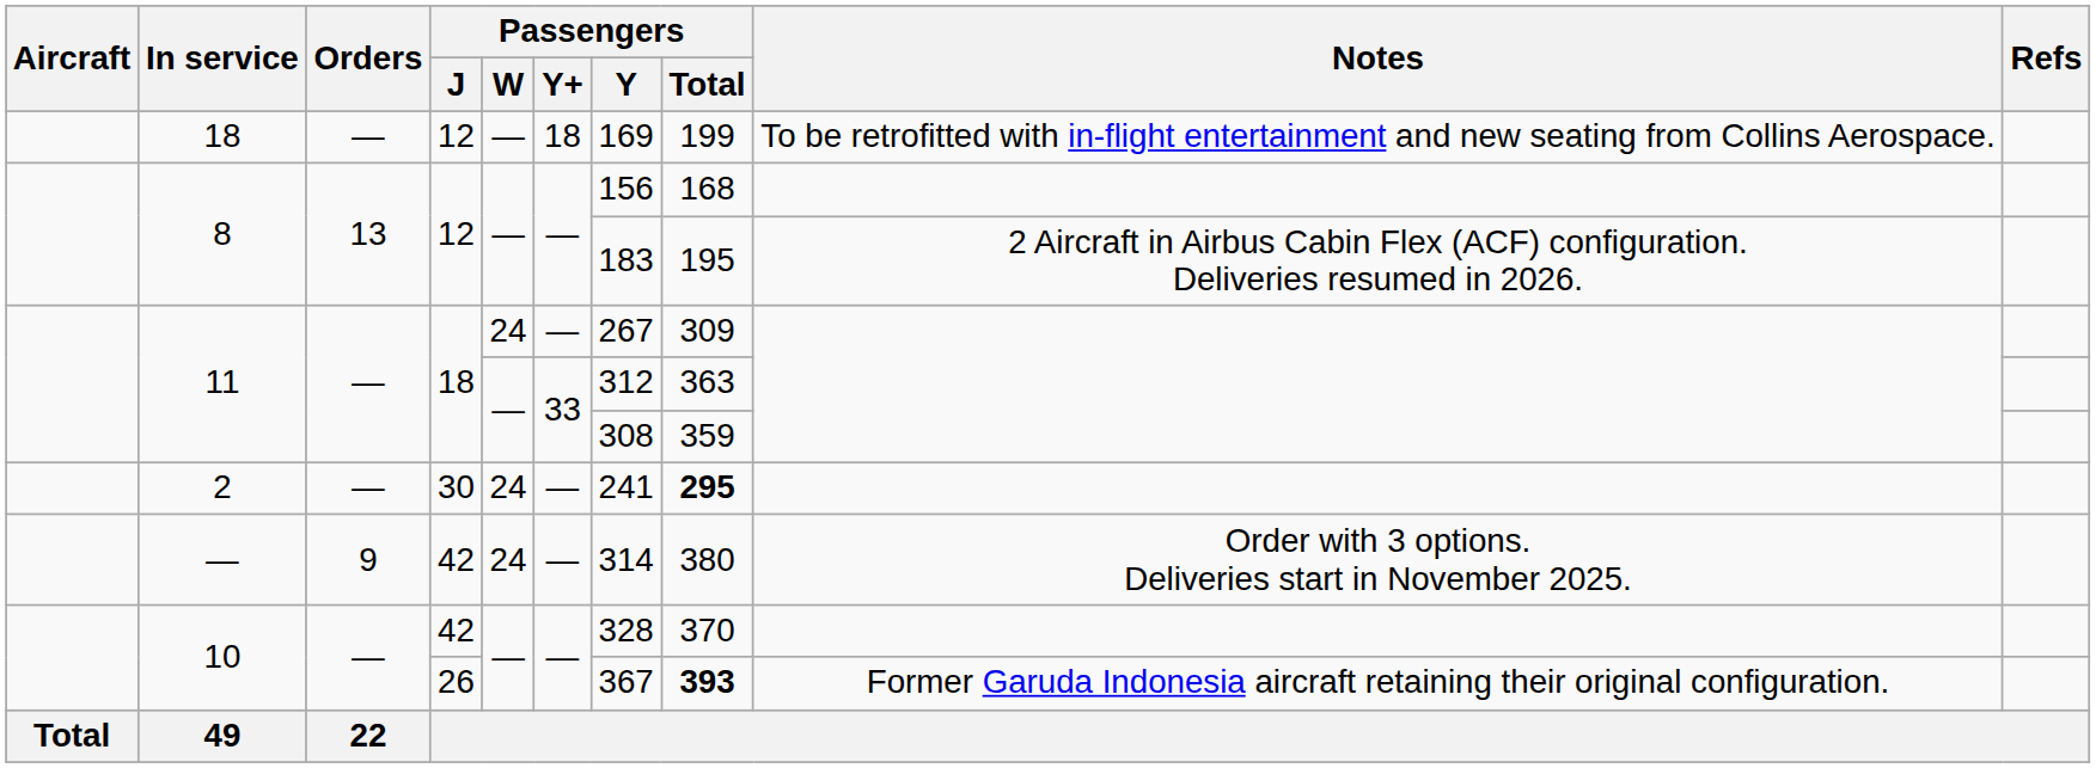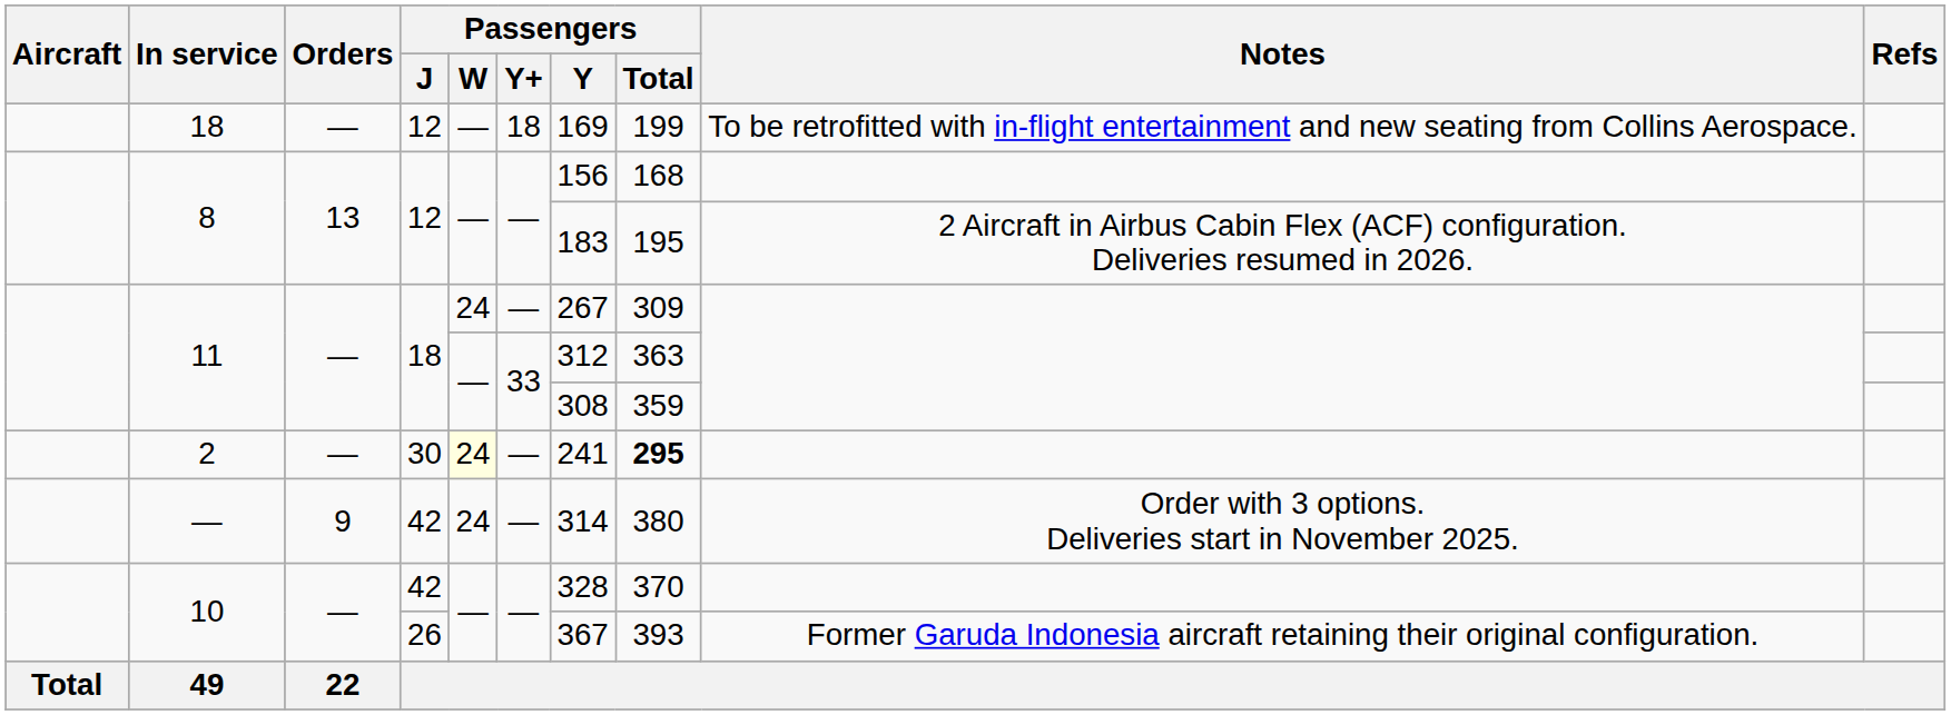 <table class="wikitable" style="border-collapse:collapse; text-align:center; margin:auto;">
 <tr>
 <th rowspan="2">Aircraft</th>
 <th rowspan="2">In service</th>
 <th rowspan="2">Orders</th>
 <th colspan="5">Passengers</th>
 <th rowspan="2">Notes</th>
 <th rowspan="2"><abbr>Refs</abbr></th>
 </tr>
 <tr>
 <th><abbr>J</abbr></th>
 <th><abbr>W</abbr></th>
 <th><abbr>Y+</abbr></th>
 <th><abbr>Y</abbr></th>
 <th>Total</th>
 </tr>
 <tr>
 <td></td>
 <td>18</td>
 <td>—</td>
 <td>12</td>
 <td>—</td>
 <td>18</td>
 <td>169</td>
 <td>199</td>
 <td>To be retrofitted with <a href='#'>in-flight entertainment</a> and new seating from Collins Aerospace.</td>
 <td></td>
 </tr>
 <tr>
 <td rowspan="2"></td>
 <td rowspan="2">8</td>
 <td rowspan="2">13</td>
 <td rowspan="2">12</td>
 <td rowspan="2">—</td>
 <td rowspan="2">—</td>
 <td>156</td>
 <td>168</td>
 <td></td>
 <td></td>
 </tr>
 <tr>
 <td>183</td>
 <td>195</td>
 <td>2 Aircraft in Airbus Cabin Flex (ACF) configuration.<br>Deliveries resumed in 2026.</td>
 <td></td>
 </tr>
 <tr>
 <td rowspan="3"></td>
 <td rowspan="3">11</td>
 <td rowspan="3">—</td>
 <td rowspan="3">18</td>
 <td>24</td>
 <td>—</td>
 <td>267</td>
 <td>309</td>
 <td rowspan="3"></td>
 <td></td>
 </tr>
 <tr>
 <td rowspan="2">—</td>
 <td rowspan="2">33</td>
 <td>312</td>
 <td>363</td>
 <td></td>
 </tr>
 <tr>
 <td>308</td>
 <td>359</td>
 <td></td>
 </tr>
 <tr>
 <td></td>
 <td>2</td>
 <td>—</td>
 <td>30</td>
-<td>24</td>
+<td style="background: lightyellow;">24</td>
 <td>—</td>
 <td>241</td>
 <td><strong>295</strong></td>
 <td></td>
 <td></td>
 </tr>
 <tr>
 <td></td>
 <td>—</td>
 <td>9</td>
 <td>42</td>
 <td>24</td>
 <td>—</td>
 <td>314</td>
 <td>380</td>
 <td>Order with 3 options.<br>Deliveries start in November 2025.</td>
 <td></td>
 </tr>
 <tr>
 <td rowspan="2"></td>
 <td rowspan="2">10</td>
 <td rowspan="2">—</td>
 <td>42</td>
 <td rowspan="2">—</td>
 <td rowspan="2">—</td>
 <td>328</td>
 <td>370</td>
 <td></td>
 <td></td>
 </tr>
 <tr>
 <td>26</td>
 <td>367</td>
-<td><strong>393</strong></td>
+<td>393</td>
 <td>Former <a href='#'>Garuda Indonesia</a> aircraft retaining their original configuration.<br></td>
 <td></td>
 </tr>
 <tr>
 <th>Total</th>
 <th>49</th>
 <th>22</th>
 <th colspan="7"></th>
 </tr>
 </table>
